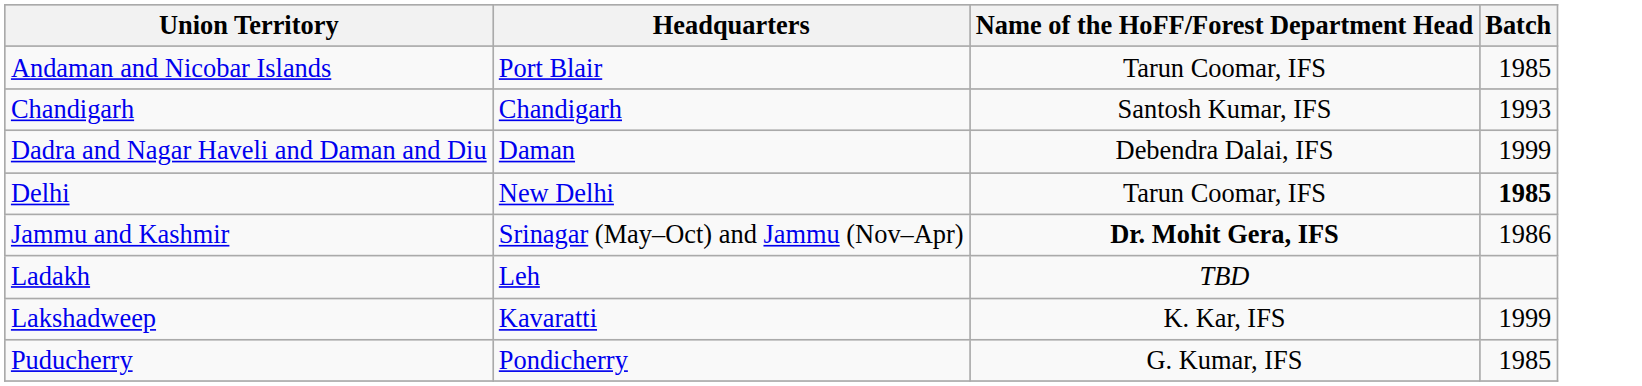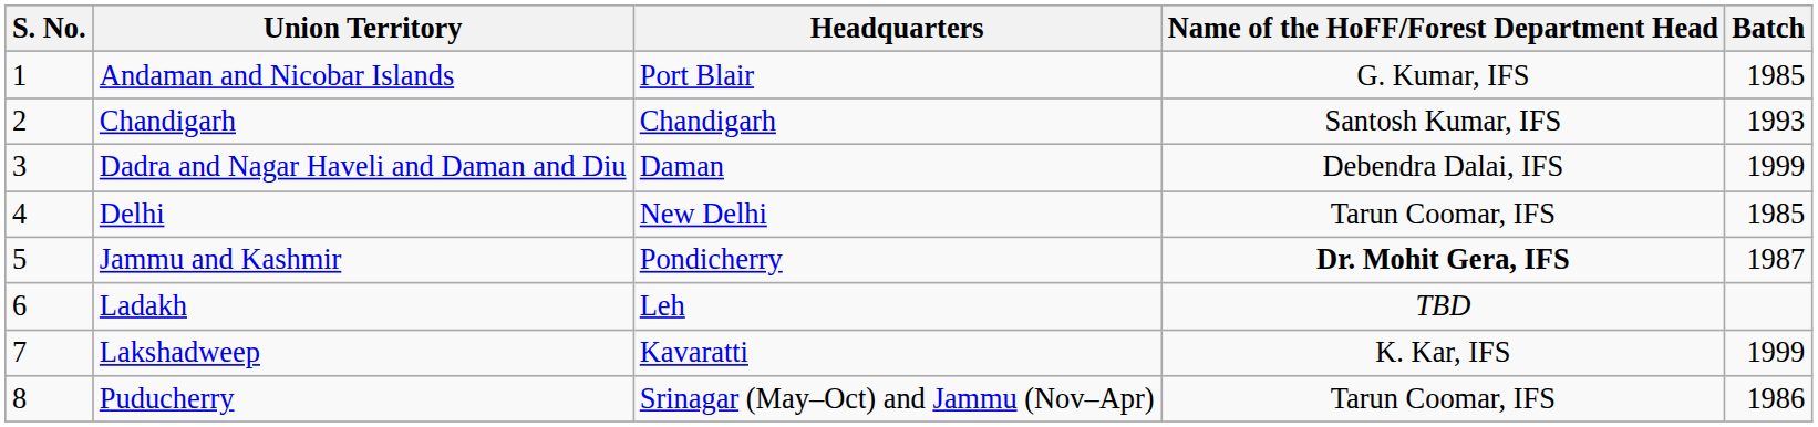 <table class="wikitable sortable">
 <tr>
+<th style="padding-center:15px;">S. No.</th>
 <th style="padding-center:15px;">Union Territory</th>
 <th style="padding-center:15px;">Headquarters</th>
 <th style="padding-center:15px;">Name of the HoFF/Forest Department Head</th>
 <th style="padding-center:15px;">Batch</th>
 </tr>
 <tr>
+<td>1</td>
 <td><a href='#'>Andaman and Nicobar Islands</a></td>
 <td><a href='#'>Port Blair</a></td>
-<td align=center>Tarun Coomar, IFS</td>
+<td align=center>G. Kumar, IFS</td>
 <td align=right>1985</td>
 </tr>
 <tr>
+<td>2</td>
 <td><a href='#'>Chandigarh</a></td>
 <td><a href='#'>Chandigarh</a></td>
 <td align=center>Santosh Kumar, IFS</td>
 <td align=right>1993</td>
 </tr>
 <tr>
+<td>3</td>
 <td><a href='#'>Dadra and Nagar Haveli and Daman and Diu</a></td>
 <td><a href='#'>Daman</a></td>
 <td align=center>Debendra Dalai, IFS</td>
 <td align=right>1999</td>
 </tr>
 <tr>
+<td>4</td>
 <td><a href='#'>Delhi</a></td>
 <td><a href='#'>New Delhi</a></td>
 <td align=center>Tarun Coomar, IFS </td>
-<td align=right><strong>1985</strong></td>
+<td align=right>1985</td>
 </tr>
 <tr>
+<td>5</td>
 <td><a href='#'>Jammu and Kashmir</a></td>
-<td><a href='#'>Srinagar</a> (May–Oct) and <a href='#'>Jammu</a> (Nov–Apr)</td>
+<td><a href='#'>Pondicherry</a></td>
 <td align=center><strong>Dr. Mohit Gera, IFS</strong></td>
-<td align=right>1986</td>
+<td align=right>1987</td>
 </tr>
 <tr>
+<td>6</td>
 <td><a href='#'>Ladakh</a></td>
 <td><a href='#'>Leh</a></td>
 <td align=center><em>TBD</em></td>
 <td align=right></td>
 </tr>
 <tr>
+<td>7</td>
 <td><a href='#'>Lakshadweep</a></td>
 <td><a href='#'>Kavaratti</a></td>
 <td align=center>K. Kar, IFS</td>
 <td align=right>1999</td>
 </tr>
 <tr>
+<td>8</td>
 <td><a href='#'>Puducherry</a></td>
-<td><a href='#'>Pondicherry</a></td>
-<td align=center>G. Kumar, IFS</td>
-<td align=right>1985</td>
+<td><a href='#'>Srinagar</a> (May–Oct) and <a href='#'>Jammu</a> (Nov–Apr)</td>
+<td align=center>Tarun Coomar, IFS</td>
+<td align=right>1986</td>
 </tr>
 </table>
